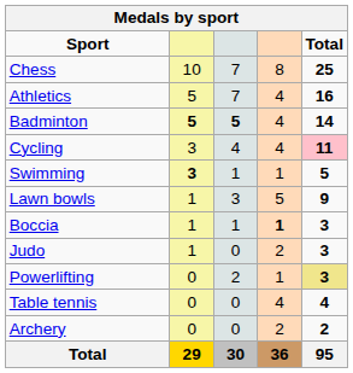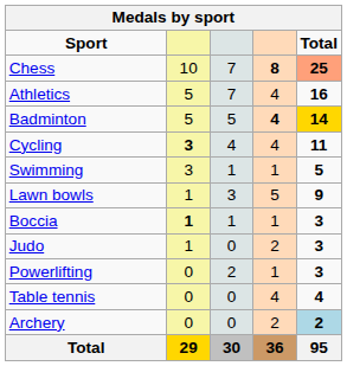 <table class="wikitable" style="font-size:85%; text-align:center;">
 <tr style="background:#efefef;">
 <th colspan=5><strong>Medals by sport</strong></th>
 </tr>
 <tr>
 <td width=130><strong>Sport</strong></td>
 <td width=30 style="background:#f7f6a8;"></td>
 <td width=30 style="background:#dce5e5;"></td>
 <td width=30 style="background:#ffdab9;"></td>
 <td width=30><strong>Total</strong></td>
 </tr>
 <tr>
 <td align=left> <a href='#'>Chess</a></td>
 <td style="background:#F7F6A8;">10</td>
 <td style="background:#DCE5E5;">7</td>
-<td style="background:#FFDAB9;">8</td>
-<td><strong>25</strong></td>
+<td style="background:#FFDAB9;"><strong>8</strong></td>
+<td style="background: lightsalmon;"><strong>25</strong></td>
 </tr>
 <tr>
 <td align=left> <a href='#'>Athletics</a></td>
 <td style="background:#F7F6A8;">5</td>
 <td style="background:#DCE5E5;">7</td>
 <td style="background:#FFDAB9;">4</td>
 <td><strong>16</strong></td>
 </tr>
 <tr>
 <td align=left> <a href='#'>Badminton</a></td>
-<td style="background:#F7F6A8;"><strong>5</strong></td>
-<td style="background:#DCE5E5;"><strong>5</strong></td>
-<td style="background:#FFDAB9;">4</td>
-<td><strong>14</strong></td>
+<td style="background:#F7F6A8;">5</td>
+<td style="background:#DCE5E5;">5</td>
+<td style="background:#FFDAB9;"><strong>4</strong></td>
+<td style="background: gold;"><strong>14</strong></td>
 </tr>
 <tr>
 <td align=left> <a href='#'>Cycling</a></td>
-<td style="background:#F7F6A8;">3</td>
+<td style="background:#F7F6A8;"><strong>3</strong></td>
 <td style="background:#DCE5E5;">4</td>
 <td style="background:#FFDAB9;">4</td>
-<td style="background: pink;"><strong>11</strong></td>
+<td><strong>11</strong></td>
 </tr>
 <tr>
 <td align=left> <a href='#'>Swimming</a></td>
-<td style="background:#F7F6A8;"><strong>3</strong></td>
+<td style="background:#F7F6A8;">3</td>
 <td style="background:#DCE5E5;">1</td>
 <td style="background:#FFDAB9;">1</td>
 <td><strong>5</strong></td>
 </tr>
 <tr>
 <td align=left> <a href='#'>Lawn bowls</a></td>
 <td style="background:#F7F6A8;">1</td>
 <td style="background:#DCE5E5;">3</td>
 <td style="background:#FFDAB9;">5</td>
 <td><strong>9</strong></td>
 </tr>
 <tr>
 <td align=left> <a href='#'>Boccia</a></td>
-<td style="background:#F7F6A8;">1</td>
+<td style="background:#F7F6A8;"><strong>1</strong></td>
 <td style="background:#DCE5E5;">1</td>
-<td style="background:#FFDAB9;"><strong>1</strong></td>
+<td style="background:#FFDAB9;">1</td>
 <td><strong>3</strong></td>
 </tr>
 <tr>
 <td align=left> <a href='#'>Judo</a></td>
 <td style="background:#F7F6A8;">1</td>
 <td style="background:#DCE5E5;">0</td>
 <td style="background:#FFDAB9;">2</td>
 <td><strong>3</strong></td>
 </tr>
 <tr>
 <td align=left> <a href='#'>Powerlifting</a></td>
 <td style="background:#F7F6A8;">0</td>
 <td style="background:#DCE5E5;">2</td>
 <td style="background:#FFDAB9;">1</td>
-<td style="background: khaki;"><strong>3</strong></td>
+<td><strong>3</strong></td>
 </tr>
 <tr>
 <td align=left> <a href='#'>Table tennis</a></td>
 <td style="background:#F7F6A8;">0</td>
 <td style="background:#DCE5E5;">0</td>
 <td style="background:#FFDAB9;">4</td>
 <td><strong>4</strong></td>
 </tr>
 <tr>
 <td align=left> <a href='#'>Archery</a></td>
 <td style="background:#F7F6A8;">0</td>
 <td style="background:#DCE5E5;">0</td>
 <td style="background:#FFDAB9;">2</td>
-<td><strong>2</strong></td>
+<td style="background: lightblue;"><strong>2</strong></td>
 </tr>
 <tr>
 <th><strong>Total</strong></th>
 <th style="background:gold;">29</th>
 <th style="background:silver;">30</th>
 <th style="background:#c96;">36</th>
 <th><strong>95</strong></th>
 </tr>
 </table>
